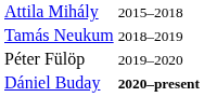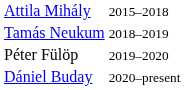 <table>
 <tr>
 <td></td>
 <td><a href='#'>Attila Mihály</a></td>
 <td><small>2015–2018</small></td>
 <td></td>
 </tr>
 <tr>
 <td></td>
 <td><a href='#'>Tamás Neukum</a></td>
 <td><small>2018–2019</small></td>
 <td></td>
 </tr>
 <tr>
 <td></td>
 <td>Péter Fülöp</td>
 <td><small>2019–2020</small></td>
 <td></td>
 </tr>
 <tr>
 <td></td>
 <td><a href='#'>Dániel Buday</a></td>
-<td><strong><small>2020–present</small></strong></td>
+<td><small>2020–present</small></td>
 <td></td>
 </tr>
 </table>
